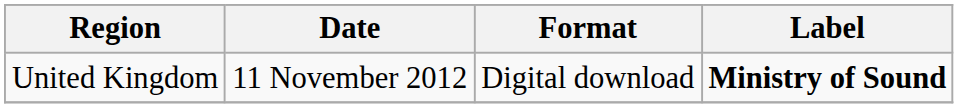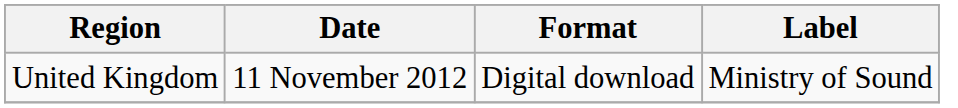 <table class=wikitable>
 <tr>
 <th>Region</th>
 <th>Date</th>
 <th>Format</th>
 <th>Label</th>
 </tr>
 <tr>
 <td>United Kingdom</td>
 <td>11 November 2012</td>
 <td>Digital download</td>
-<td><strong>Ministry of Sound</strong></td>
+<td>Ministry of Sound</td>
 </tr>
 <tr>
 </tr>
 </table>
